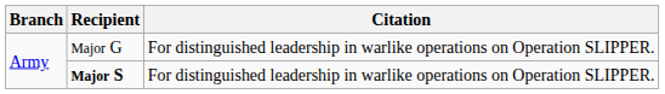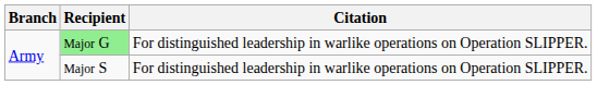 <table class="wikitable" style="font-size:95%;">
 <tr>
 <th>Branch</th>
 <th>Recipient</th>
 <th>Citation</th>
 </tr>
 <tr>
 <td rowspan="2"><a href='#'>Army</a></td>
-<td><small>Major</small> G</td>
+<td style="background: lightgreen;"><small>Major</small> G</td>
 <td>For distinguished leadership in warlike operations on Operation SLIPPER.</td>
 </tr>
 <tr>
-<td><strong><small>Major</small> S</strong></td>
+<td><small>Major</small> S</td>
 <td>For distinguished leadership in warlike operations on Operation SLIPPER.</td>
 </tr>
 </table>
